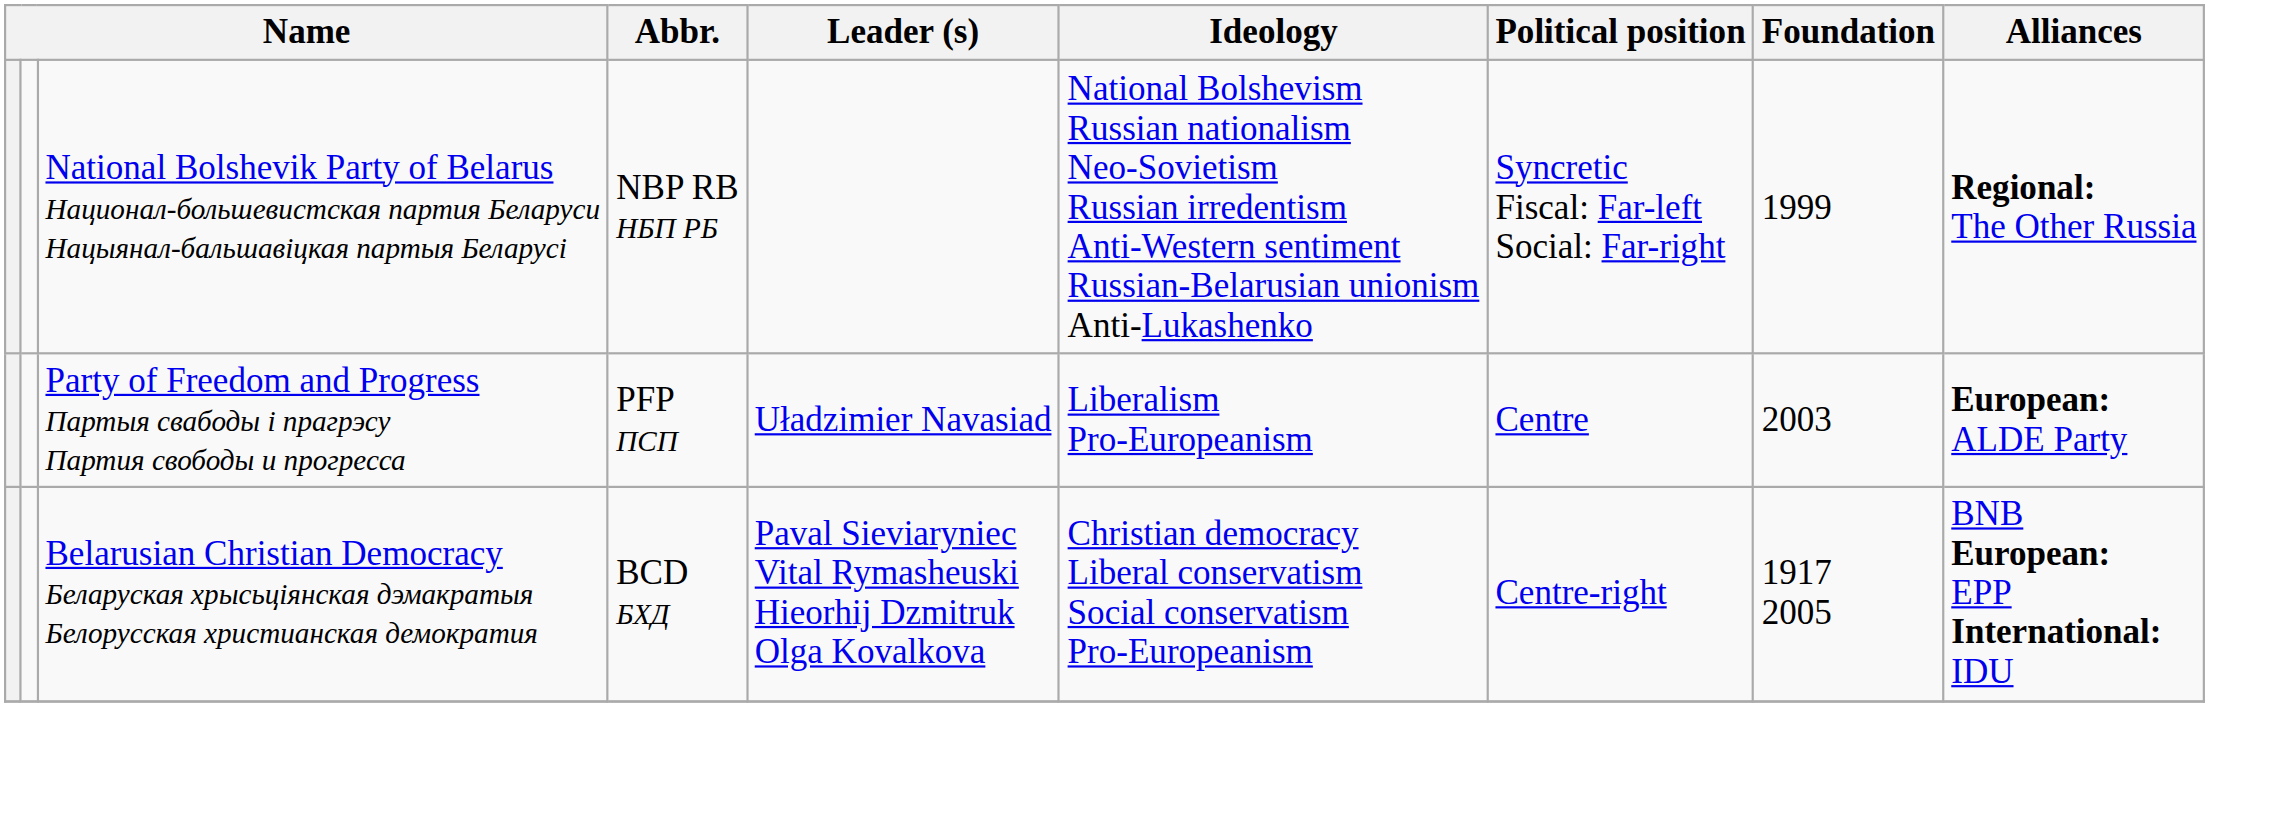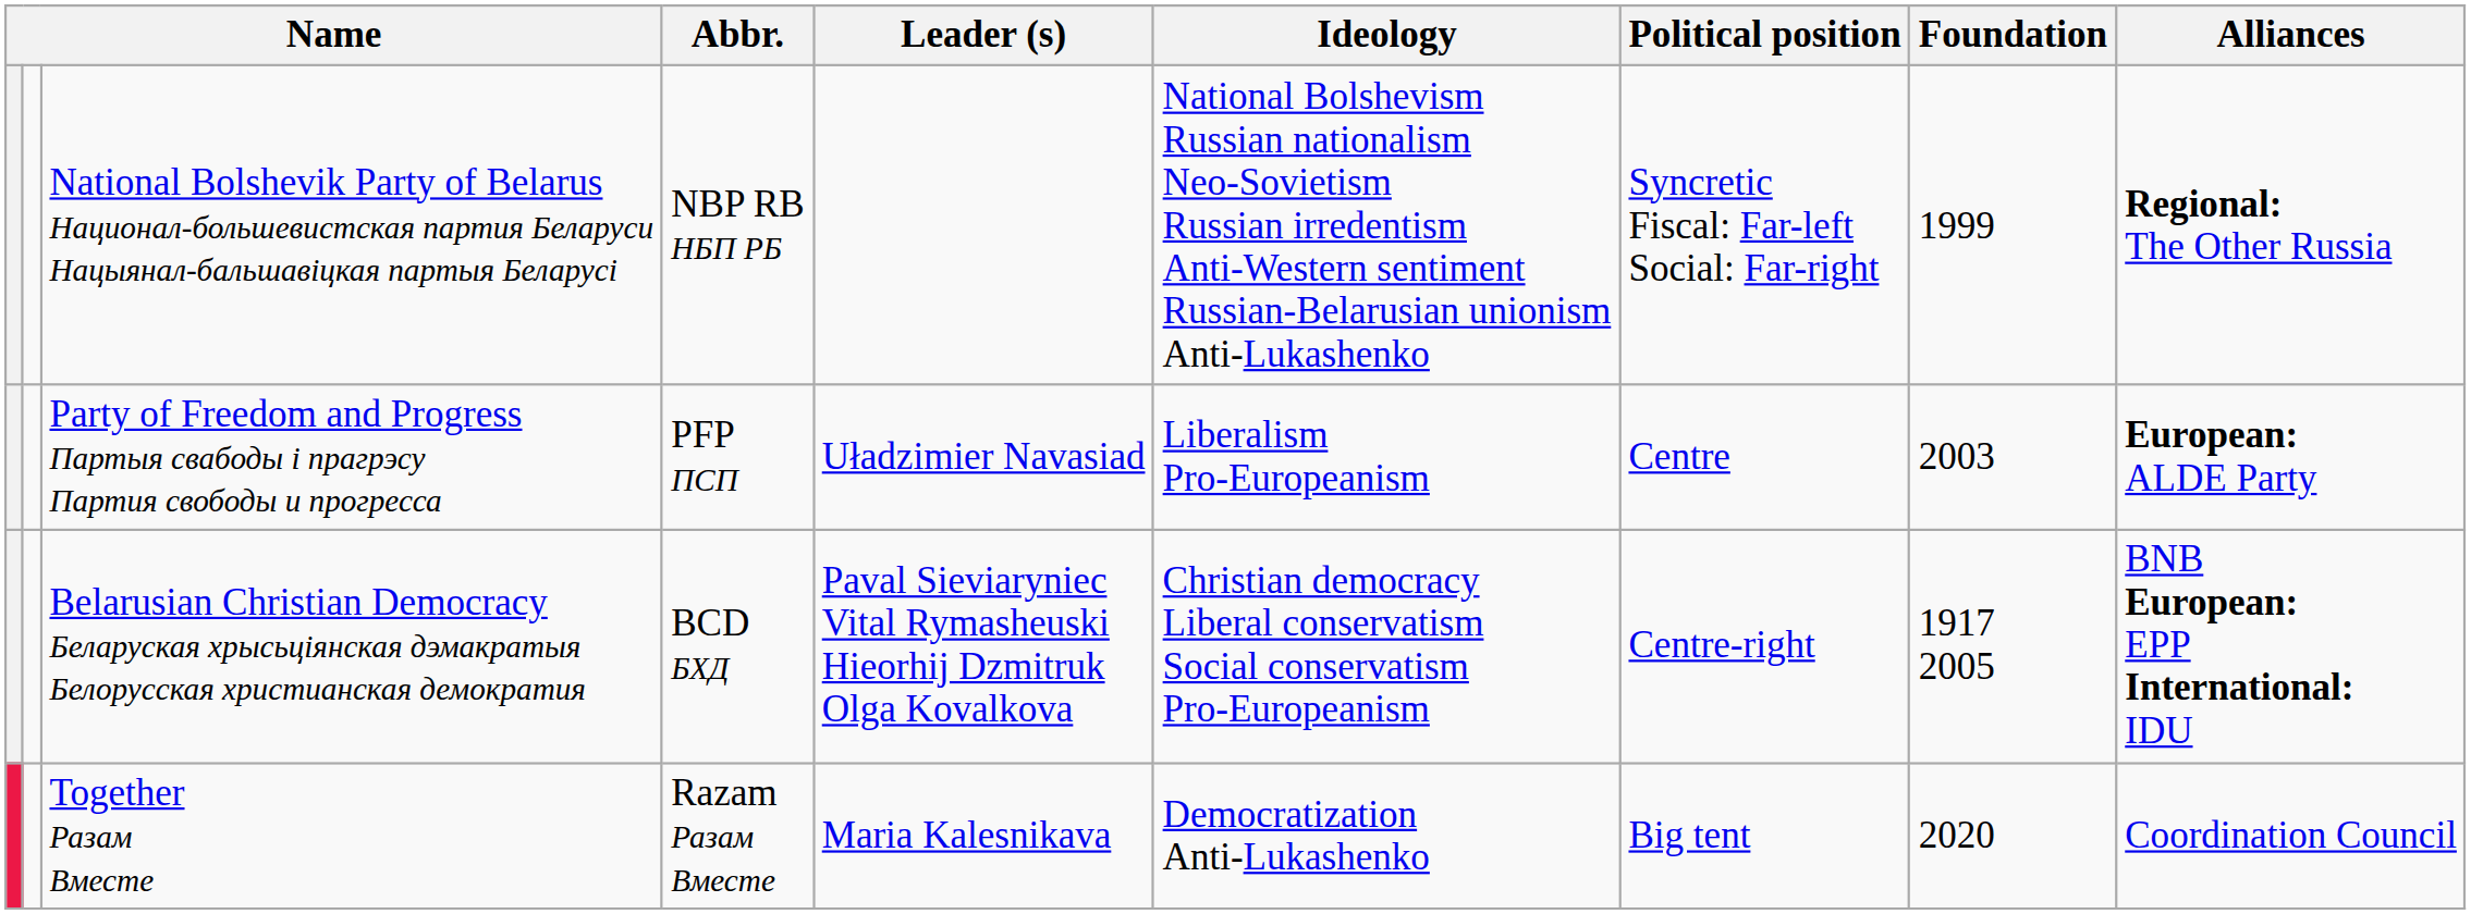 <table class="wikitable sortable">
 <tr>
 <th colspan=3>Name</th>
 <th>Abbr.</th>
 <th>Leader (s)</th>
 <th>Ideology</th>
 <th>Political position</th>
 <th>Foundation</th>
 <th>Alliances</th>
 </tr>
 <tr>
 <th style="background:"></th>
 <td></td>
 <td><a href='#'>National Bolshevik Party of Belarus</a><br><small><em>Национал-большевистская партия Беларуси<br>Нацыянал-бальшавіцкая партыя Беларусі</em></small></td>
 <td>NBP RB<br><small><em>НБП РБ</em></small></td>
 <td></td>
 <td><a href='#'>National Bolshevism</a><br><a href='#'>Russian nationalism</a><br><a href='#'>Neo-Sovietism</a><br><a href='#'>Russian irredentism</a><br><a href='#'>Anti-Western sentiment</a><br><a href='#'>Russian-Belarusian unionism</a><br>Anti-<a href='#'>Lukashenko</a></td>
 <td><a href='#'>Syncretic</a> <br> Fiscal: <a href='#'>Far-left</a> <br> Social: <a href='#'>Far-right</a></td>
 <td>1999<br></td>
 <td><strong>Regional:</strong><br><a href='#'>The Other Russia</a></td>
 </tr>
 <tr>
 <th style="background:"></th>
 <td></td>
 <td><a href='#'>Party of Freedom and Progress</a><br><small><em>Партыя свабоды і прагрэсу<br>Партия свободы и прогресса</em></small></td>
 <td>PFP<br><small><em>ПСП</em></small></td>
 <td><a href='#'>Uładzimier Navasiad</a></td>
 <td><a href='#'>Liberalism</a><br><a href='#'>Pro-Europeanism</a></td>
 <td><a href='#'>Centre</a></td>
 <td>2003<br></td>
 <td><strong>European:</strong><br><a href='#'>ALDE Party</a> </td>
 </tr>
 <tr>
 <th style="background:"></th>
 <td></td>
 <td><a href='#'>Belarusian Christian Democracy</a><br><small><em>Беларуская хрысьціянская дэмакратыя<br>Белорусская христианская демократия</em></small></td>
 <td>BCD<br><small><em>БХД</em></small></td>
 <td><a href='#'>Paval Sieviaryniec</a><br><a href='#'>Vital Rymasheuski</a><br><a href='#'>Hieorhij Dzmitruk</a><br><a href='#'>Olga Kovalkova</a></td>
 <td><a href='#'>Christian democracy</a><br><a href='#'>Liberal conservatism</a><br><a href='#'>Social conservatism</a><br><a href='#'>Pro-Europeanism</a></td>
 <td><a href='#'>Centre-right</a></td>
 <td>1917 <br>2005<br></td>
 <td><a href='#'>BNB</a><br><strong>European:</strong><br><a href='#'>EPP</a> <br><strong>International:</strong><br><a href='#'>IDU</a> </td>
 </tr>
 <tr>
+<th style="background:#EC1846;"></th>
+<td></td>
+<td><a href='#'>Together</a><br><small><em>Разам<br>Вместе</em></small></td>
+<td>Razam<br><small><em>Разам<br>Вместе</em></small></td>
+<td><a href='#'>Maria Kalesnikava</a></td>
+<td><a href='#'>Democratization</a><br>Anti-<a href='#'>Lukashenko</a></td>
+<td><a href='#'>Big tent</a></td>
+<td>2020<br></td>
+<td><a href='#'>Coordination Council</a></td>
+</tr>
+<tr>
 </tr>
 </table>
